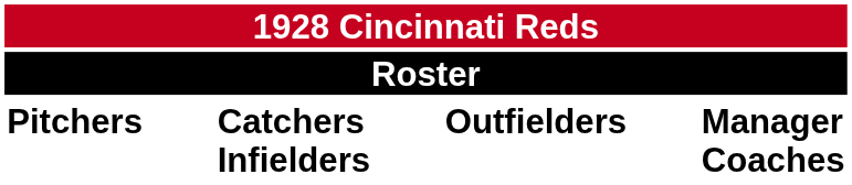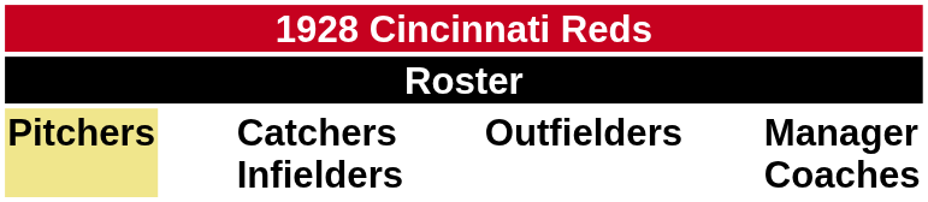 <table class="toccolours" style="font-size: 95%;">
 <tr>
 <th colspan="10" style="background-color: #c6011f; color: white; text-align: center;">1928 Cincinnati Reds</th>
 </tr>
 <tr>
 <td colspan="10" style="background-color: black; color: white; text-align: center;"><strong>Roster</strong></td>
 </tr>
 <tr>
-<td valign="top"><strong>Pitchers</strong><br>            </td>
+<td valign="top" style="background: khaki;"><strong>Pitchers</strong><br>            </td>
 <td width="25px"></td>
 <td valign="top"><strong>Catchers</strong><br>   <strong>Infielders</strong>       </td>
 <td width="25px"></td>
 <td valign="top"><strong>Outfielders</strong><br>     </td>
 <td width="25px"></td>
 <td valign="top"><strong>Manager</strong><br> <strong>Coaches</strong>   </td>
 </tr>
 </table>
